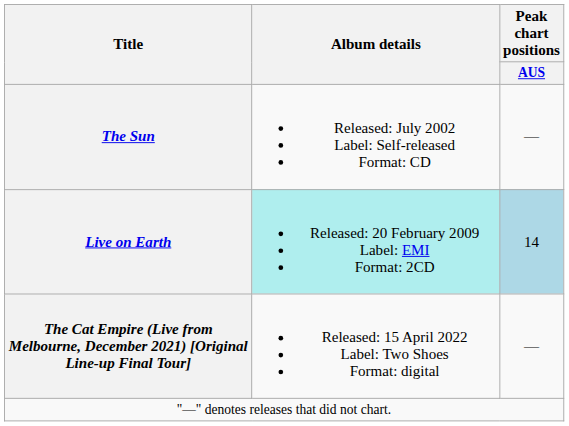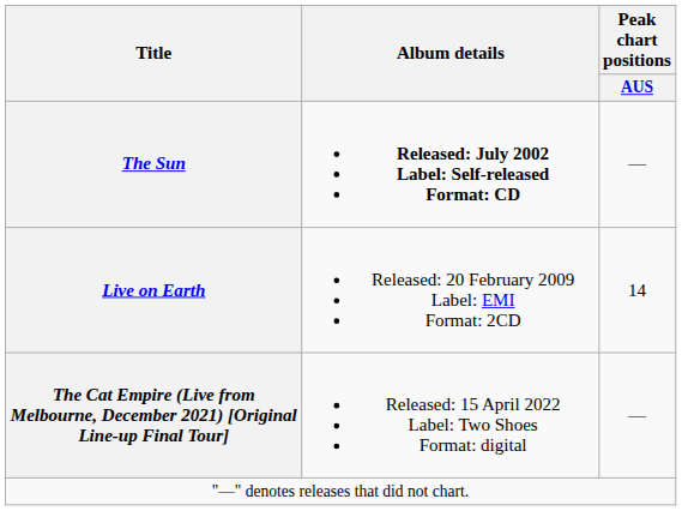 <table class="wikitable plainrowheaders" style="text-align:center;">
 <tr>
 <th scope="col" rowspan="2" style="width:16em;">Title</th>
 <th scope="col" rowspan="2" style="width:16em;">Album details</th>
 <th scope="col" colspan="1">Peak chart positions</th>
 </tr>
 <tr>
 <th scope="col" style="width:2.2em;font-size:90%;"><a href='#'>AUS</a><br></th>
 </tr>
 <tr>
 <th scope="row"><em><a href='#'>The Sun</a></em></th>
-<td><br><ul><li>Released: July 2002</li><li>Label: Self-released</li><li>Format: CD</li></ul></td>
+<td><strong><br><ul><li>Released: July 2002</li><li>Label: Self-released</li><li>Format: CD</li></ul></strong></td>
 <td>—</td>
 </tr>
 <tr>
 <th scope="row"><em><a href='#'>Live on Earth</a></em></th>
-<td style="background: paleturquoise;"><br><ul><li>Released: 20 February 2009</li><li>Label: <a href='#'>EMI</a></li><li>Format: 2CD</li></ul></td>
-<td style="background: lightblue;">14</td>
+<td><br><ul><li>Released: 20 February 2009</li><li>Label: <a href='#'>EMI</a></li><li>Format: 2CD</li></ul></td>
+<td>14</td>
 </tr>
 <tr>
 <th scope="row"><em>The Cat Empire (Live from Melbourne, December 2021) [Original Line-up Final Tour]</em></th>
 <td><br><ul><li>Released: 15 April 2022</li><li>Label: Two Shoes</li><li>Format: digital</li></ul></td>
 <td>—</td>
 </tr>
 <tr>
 <td colspan="4" style="font-size:90%">"—" denotes releases that did not chart.</td>
 </tr>
 </table>
